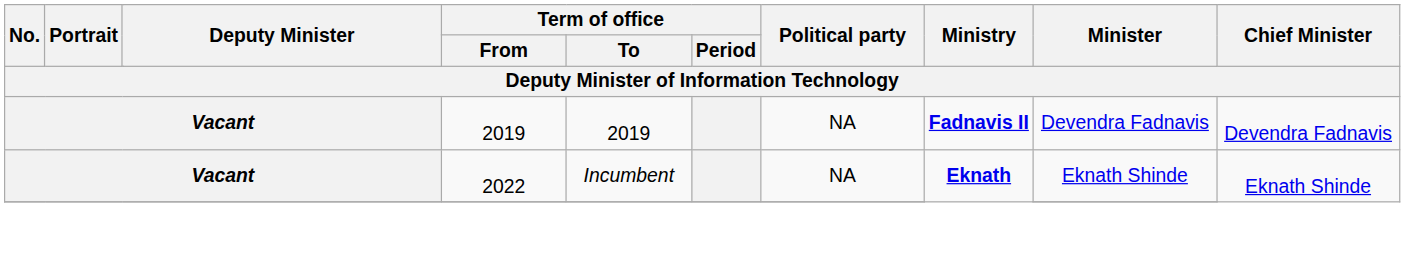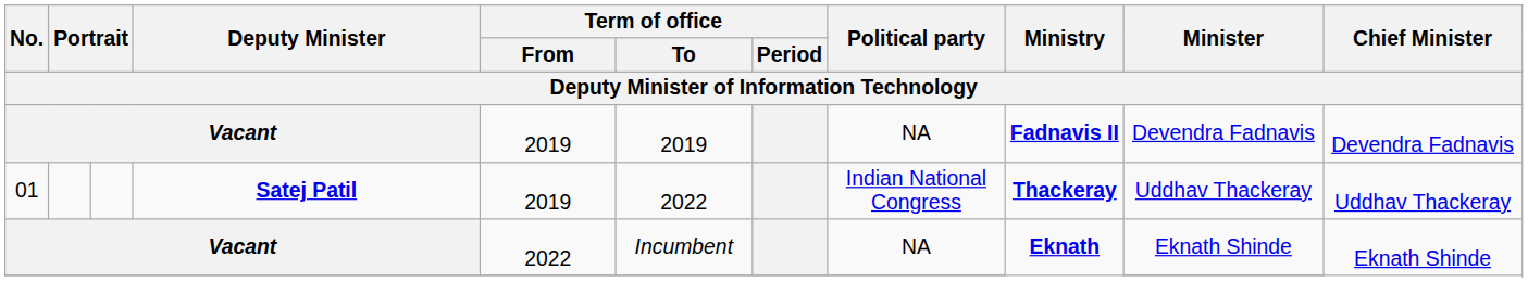 <table class="wikitable" style="text-align:center">
 <tr>
 <th rowspan="2">No.</th>
 <th rowspan="2" colspan="2">Portrait</th>
 <th rowspan="2" style="width:16em">Deputy Minister<br></th>
 <th colspan="3">Term of office</th>
 <th rowspan="2" style="width:8em">Political party</th>
 <th rowspan="2">Ministry</th>
 <th rowspan="2" style="width:9em">Minister</th>
 <th rowspan="2" style="width:9em">Chief Minister</th>
 </tr>
 <tr>
 <th style="width:6em">From</th>
 <th style="width:6em">To</th>
 <th>Period</th>
 </tr>
 <tr>
 <th colspan="11">Deputy Minister of Information Technology</th>
 </tr>
 <tr>
 <th colspan="04"><strong><em>Vacant</em></strong></th>
 <td><br>2019</td>
 <td><br>2019</td>
 <th></th>
 <td>NA</td>
 <td rowspan="1"><a href='#'><strong>Fadnavis II</strong></a></td>
 <td><a href='#'>Devendra Fadnavis</a></td>
 <td rowspan="1"> <br><a href='#'>Devendra Fadnavis</a></td>
 </tr>
 <tr>
+<td>01</td>
+<td style="color:inherit;background:"></td>
+<td></td>
+<td><strong><a href='#'>Satej Patil</a></strong> <br> </td>
+<td><br>2019</td>
+<td><br>2022</td>
+<th></th>
+<td><a href='#'>Indian National Congress</a></td>
+<td rowspan="1"><a href='#'><strong>Thackeray</strong></a></td>
+<td><a href='#'>Uddhav Thackeray</a></td>
+<td rowspan="1"> <br><a href='#'>Uddhav Thackeray</a></td>
+</tr>
+<tr>
 <th colspan="04"><strong><em>Vacant </em></strong></th>
 <td><br>2022</td>
 <td><em>Incumbent</em></td>
 <th></th>
 <td>NA</td>
 <td rowspan="2"><a href='#'><strong>Eknath</strong></a></td>
 <td><a href='#'>Eknath Shinde</a></td>
 <td rowspan="2"> <br><a href='#'>Eknath Shinde</a></td>
 </tr>
 <tr>
 </tr>
 </table>
